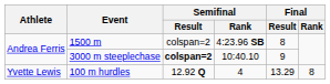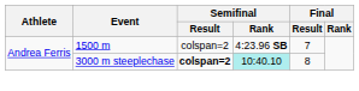 <table class=wikitable style="font-size:90%">
 <tr>
 <th rowspan="2">Athlete</th>
 <th rowspan="2">Event</th>
 <th colspan="2">Semifinal</th>
 <th colspan="2">Final</th>
 </tr>
 <tr style="font-size:95%">
 <th>Result</th>
 <th>Rank</th>
 <th>Result</th>
 <th>Rank</th>
 </tr>
 <tr align=center>
 <td align=left rowspan=2><a href='#'>Andrea Ferris</a></td>
 <td align=left><a href='#'>1500 m</a></td>
 <td>colspan=2 </td>
 <td>4:23.96 <strong>SB</strong></td>
-<td>8</td>
+<td>7</td>
 </tr>
 <tr align=center>
 <td align=left><a href='#'>3000 m steeplechase</a></td>
 <td><strong>colspan=2 </strong></td>
-<td>10:40.10</td>
-<td>9</td>
-</tr>
-<tr align=center>
-<td align=left><a href='#'>Yvette Lewis</a></td>
-<td align=left><a href='#'>100 m hurdles</a></td>
-<td>12.92 <strong>Q</strong></td>
-<td>4</td>
-<td>13.29</td>
+<td style="background: paleturquoise;">10:40.10</td>
 <td>8</td>
 </tr>
 </table>
